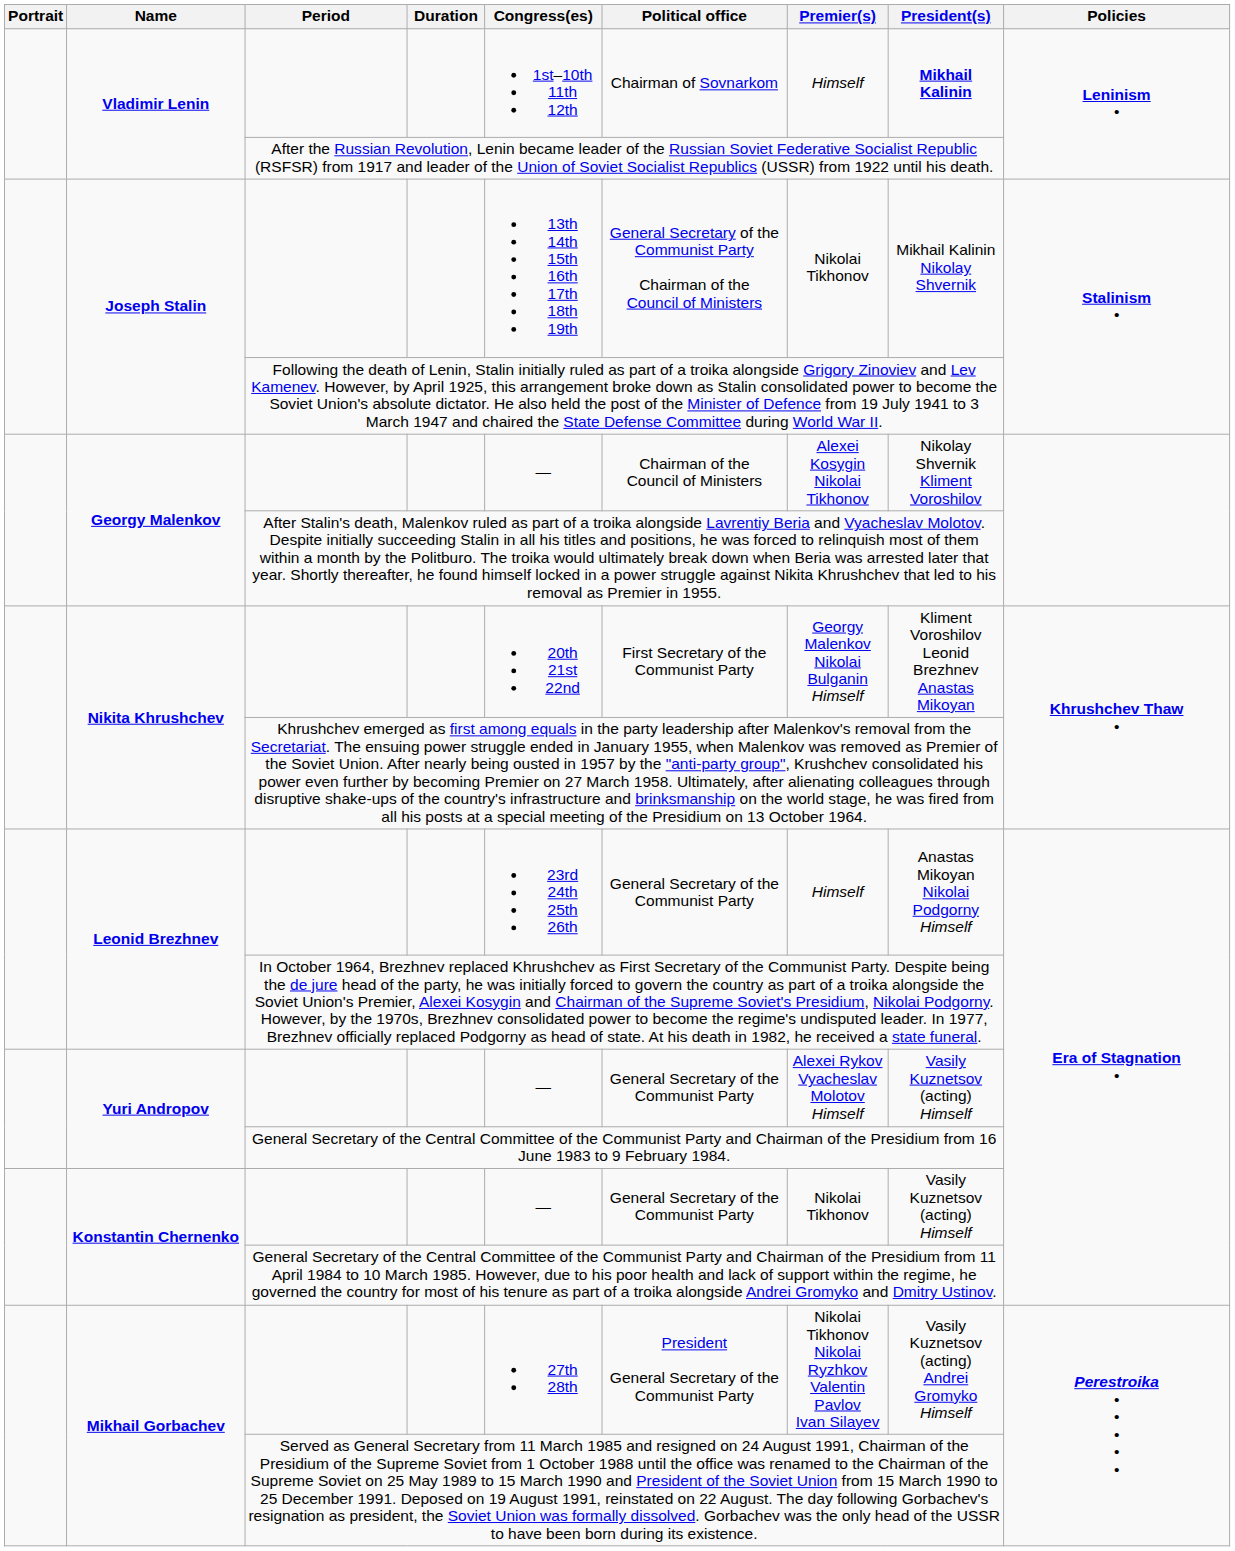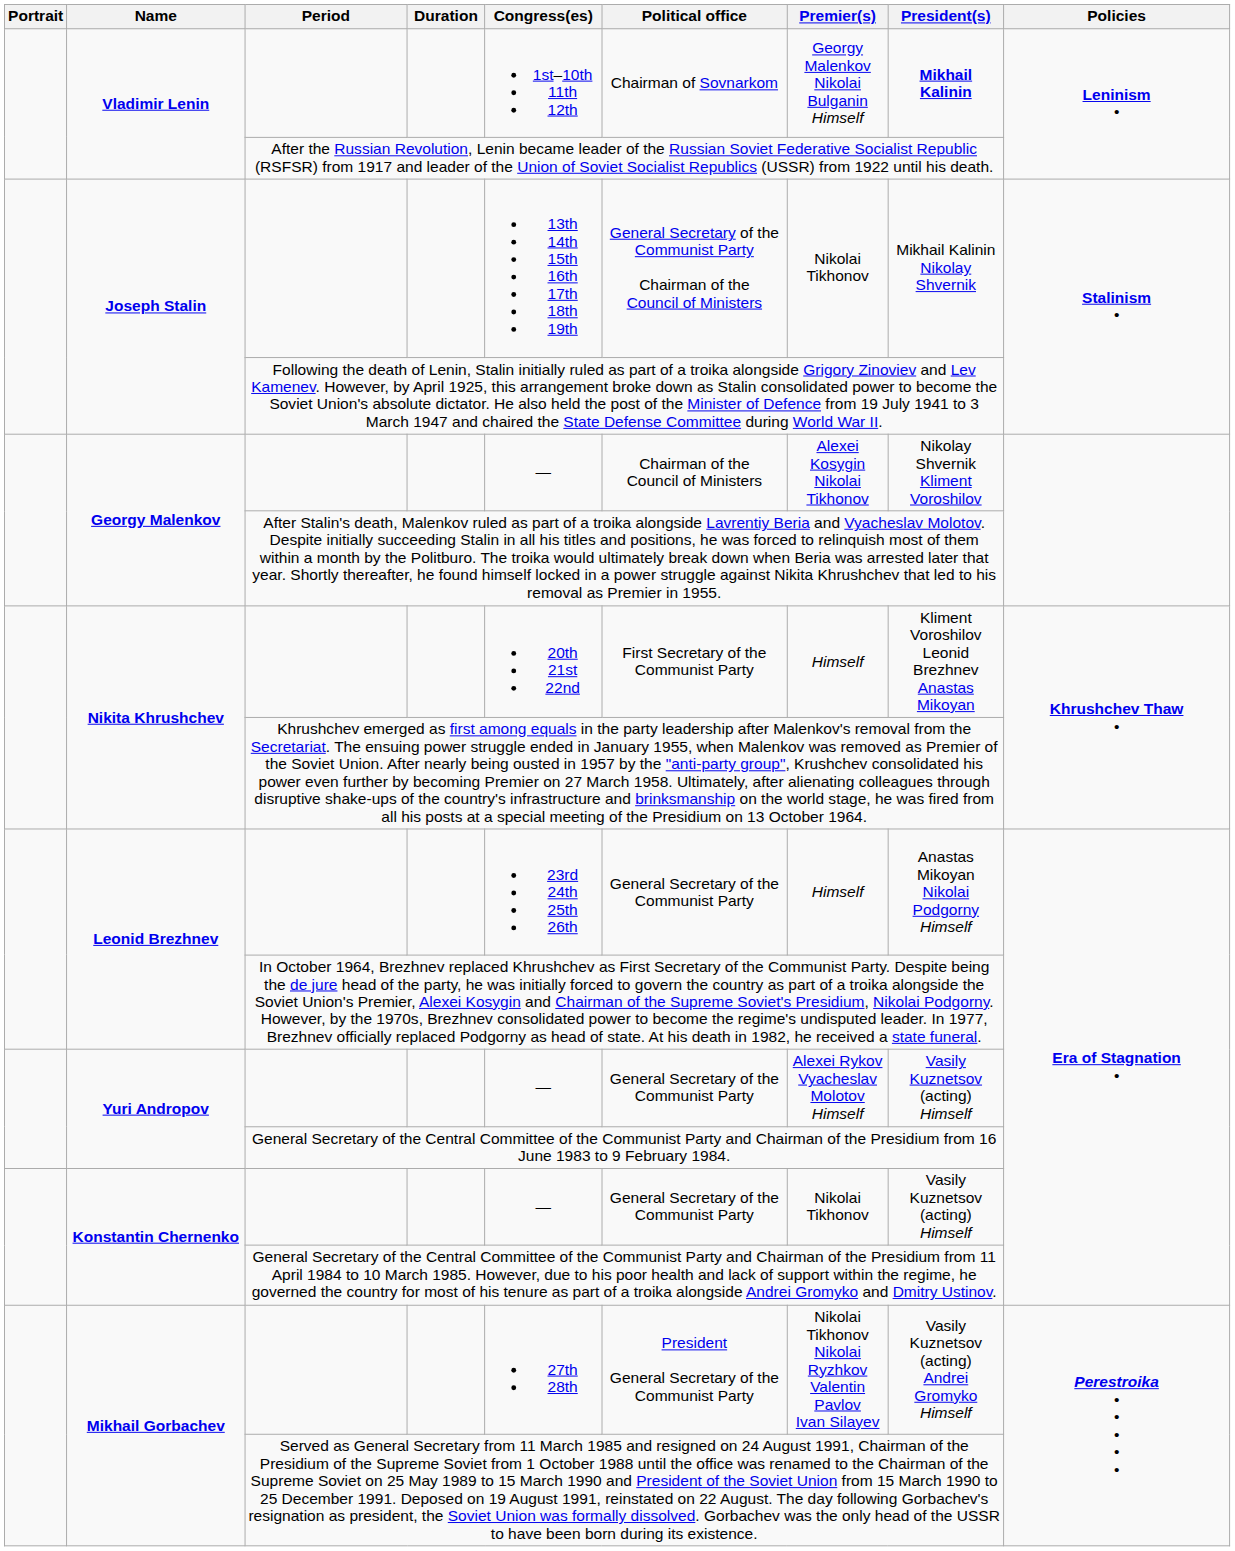 <table class="wikitable" style="text-align:center; width:100%;">
 <tr>
 <th scope="col">Portrait</th>
 <th scope="col" style="width:11em;">Name<br></th>
 <th scope="col" style="width:10em;">Period</th>
 <th>Duration</th>
 <th scope="col">Congress(es)</th>
 <th scope="col" style="width:11.5em;">Political office</th>
 <th><a href='#'>Premier(s)</a></th>
 <th><a href='#'>President(s)</a></th>
 <th scope="col" style="width:14.1em;">Policies</th>
 </tr>
 <tr>
 <td rowspan="2"></td>
 <td rowspan="2"><strong><a href='#'>Vladimir Lenin</a></strong><br></td>
 <td></td>
 <td></td>
 <td><br><ul><li><a href='#'>1st</a>–<a href='#'>10th</a></li><li><a href='#'>11th</a></li><li><a href='#'>12th</a></li></ul></td>
 <td>Chairman of <a href='#'>Sovnarkom</a></td>
-<td><em>Himself</em></td>
+<td><a href='#'>Georgy Malenkov</a><br><a href='#'>Nikolai Bulganin</a><br><em>Himself</em></td>
 <td><strong><a href='#'>Mikhail Kalinin</a></strong></td>
 <td rowspan="2"><strong><a href='#'>Leninism</a></strong><br>• </td>
 </tr>
 <tr>
 <td colspan="6">After the <a href='#'>Russian Revolution</a>, Lenin became leader of the <a href='#'>Russian Soviet Federative Socialist Republic</a> (RSFSR) from 1917 and leader of the <a href='#'>Union of Soviet Socialist Republics</a> (USSR) from 1922 until his death.</td>
 </tr>
 <tr>
 <td rowspan="2"></td>
 <td rowspan="2"><strong><a href='#'>Joseph Stalin</a></strong><br></td>
 <td></td>
 <td></td>
 <td><br><ul><li><a href='#'>13th</a></li><li><a href='#'>14th</a></li><li><a href='#'>15th</a></li><li><a href='#'>16th</a></li><li><a href='#'>17th</a></li><li><a href='#'>18th</a></li><li><a href='#'>19th</a></li></ul></td>
 <td><a href='#'>General Secretary</a> of the <a href='#'>Communist Party</a><br><br>Chairman of the<br><a href='#'>Council of Ministers</a><br></td>
 <td>Nikolai Tikhonov</td>
 <td>Mikhail Kalinin<br><a href='#'>Nikolay Shvernik</a></td>
 <td rowspan="2"><strong><a href='#'>Stalinism</a></strong><br>• </td>
 </tr>
 <tr>
 <td colspan="6">Following the death of Lenin, Stalin initially ruled as part of a troika alongside <a href='#'>Grigory Zinoviev</a> and <a href='#'>Lev Kamenev</a>. However, by April 1925, this arrangement broke down as Stalin consolidated power to become the Soviet Union's absolute dictator. He also held the post of the <a href='#'>Minister of Defence</a> from 19 July 1941 to 3 March 1947 and chaired the <a href='#'>State Defense Committee</a> during <a href='#'>World War II</a>.</td>
 </tr>
 <tr>
 <td rowspan="2"></td>
 <td rowspan="2"><strong><a href='#'>Georgy Malenkov</a></strong><br></td>
 <td></td>
 <td></td>
 <td>—</td>
 <td>Chairman of the<br>Council of Ministers</td>
 <td><a href='#'>Alexei Kosygin</a><br><a href='#'>Nikolai Tikhonov</a></td>
 <td>Nikolay Shvernik<br><a href='#'>Kliment Voroshilov</a></td>
 <td rowspan="2"></td>
 </tr>
 <tr>
 <td colspan="6">After Stalin's death, Malenkov ruled as part of a troika alongside <a href='#'>Lavrentiy Beria</a> and <a href='#'>Vyacheslav Molotov</a>. Despite initially succeeding Stalin in all his titles and positions, he was forced to relinquish most of them within a month by the Politburo. The troika would ultimately break down when Beria was arrested later that year. Shortly thereafter, he found himself locked in a power struggle against Nikita Khrushchev that led to his removal as Premier in 1955.</td>
 </tr>
 <tr>
 <td rowspan="2"></td>
 <td rowspan="2"><strong><a href='#'>Nikita Khrushchev</a></strong><br></td>
 <td></td>
 <td></td>
 <td><br><ul><li><a href='#'>20th</a></li><li><a href='#'>21st</a></li><li><a href='#'>22nd</a></li></ul></td>
 <td>First Secretary of the<br>Communist Party</td>
-<td><a href='#'>Georgy Malenkov</a><br><a href='#'>Nikolai Bulganin</a><br><em>Himself</em></td>
+<td><em>Himself</em></td>
 <td>Kliment Voroshilov<br>Leonid Brezhnev<br><a href='#'>Anastas Mikoyan</a></td>
 <td rowspan="2"><strong><a href='#'>Khrushchev Thaw</a></strong><br>• </td>
 </tr>
 <tr>
 <td colspan="6">Khrushchev emerged as <a href='#'>first among equals</a> in the party leadership after Malenkov's removal from the <a href='#'>Secretariat</a>. The ensuing power struggle ended in January 1955, when Malenkov was removed as Premier of the Soviet Union. After nearly being ousted in 1957 by the <a href='#'>"anti-party group"</a>, Krushchev consolidated his power even further by becoming Premier on 27 March 1958. Ultimately, after alienating colleagues through disruptive shake-ups of the country's infrastructure and <a href='#'>brinksmanship</a> on the world stage, he was fired from all his posts at a special meeting of the Presidium on 13 October 1964.</td>
 </tr>
 <tr>
 <td rowspan="2"></td>
 <td rowspan="2"><strong><a href='#'>Leonid Brezhnev</a></strong><br></td>
 <td></td>
 <td></td>
 <td><br><ul><li><a href='#'>23rd</a></li><li><a href='#'>24th</a></li><li><a href='#'>25th</a></li><li><a href='#'>26th</a></li></ul></td>
 <td>General Secretary of the Communist Party</td>
 <td><em>Himself</em></td>
 <td>Anastas Mikoyan<br><a href='#'>Nikolai Podgorny</a><br><em>Himself</em></td>
 <td rowspan="6"><strong><a href='#'>Era of Stagnation</a></strong><br>• </td>
 </tr>
 <tr>
 <td colspan="6">In October 1964, Brezhnev replaced Khrushchev as First Secretary of the Communist Party. Despite being the <a href='#'>de jure</a> head of the party, he was initially forced to govern the country as part of a troika alongside the Soviet Union's Premier, <a href='#'>Alexei Kosygin</a> and <a href='#'>Chairman of the Supreme Soviet's Presidium</a>, <a href='#'>Nikolai Podgorny</a>. However, by the 1970s, Brezhnev consolidated power to become the regime's undisputed leader. In 1977, Brezhnev officially replaced Podgorny as head of state. At his death in 1982, he received a <a href='#'>state funeral</a>.</td>
 </tr>
 <tr>
 <td rowspan="2"></td>
 <td rowspan="2"><strong><a href='#'>Yuri Andropov</a></strong><br></td>
 <td></td>
 <td></td>
 <td>—</td>
 <td>General Secretary of the Communist Party</td>
 <td><a href='#'>Alexei Rykov</a><br><a href='#'>Vyacheslav Molotov</a><br><em>Himself</em></td>
 <td><a href='#'>Vasily Kuznetsov</a> (acting)<br><em>Himself</em></td>
 </tr>
 <tr>
 <td colspan="6">General Secretary of the Central Committee of the Communist Party and Chairman of the Presidium from 16 June 1983 to 9 February 1984.</td>
 </tr>
 <tr>
 <td rowspan="2"></td>
 <td rowspan="2"><strong><a href='#'>Konstantin Chernenko</a></strong><br></td>
 <td></td>
 <td></td>
 <td>—</td>
 <td>General Secretary of the Communist Party</td>
 <td>Nikolai Tikhonov</td>
 <td>Vasily Kuznetsov (acting)<br><em>Himself</em></td>
 </tr>
 <tr>
 <td colspan="6">General Secretary of the Central Committee of the Communist Party and Chairman of the Presidium from 11 April 1984 to 10 March 1985. However, due to his poor health and lack of support within the regime, he governed the country for most of his tenure as part of a troika alongside <a href='#'>Andrei Gromyko</a> and <a href='#'>Dmitry Ustinov</a>.</td>
 </tr>
 <tr>
 <td rowspan="2"></td>
 <td rowspan="2"><strong><a href='#'>Mikhail Gorbachev</a></strong><br></td>
 <td></td>
 <td></td>
 <td><br><ul><li><a href='#'>27th</a></li><li><a href='#'>28th</a></li></ul></td>
 <td><a href='#'>President</a><br><br>General Secretary of the Communist Party</td>
 <td>Nikolai Tikhonov<br><a href='#'>Nikolai Ryzhkov</a><br><a href='#'>Valentin Pavlov</a><br><a href='#'>Ivan Silayev</a></td>
 <td>Vasily Kuznetsov (acting)<br><a href='#'>Andrei Gromyko</a><br><em>Himself</em></td>
 <td rowspan="2"><strong><em><a href='#'>Perestroika</a></em></strong><br>• <br>• <br>• <br>• <br>• </td>
 </tr>
 <tr>
 <td colspan="6">Served as General Secretary from 11 March 1985 and resigned on 24 August 1991, Chairman of the Presidium of the Supreme Soviet from 1 October 1988 until the office was renamed to the Chairman of the Supreme Soviet on 25 May 1989 to 15 March 1990 and <a href='#'>President of the Soviet Union</a> from 15 March 1990 to 25 December 1991. Deposed on 19 August 1991, reinstated on 22 August. The day following Gorbachev's resignation as president, the <a href='#'>Soviet Union was formally dissolved</a>. Gorbachev was the only head of the USSR to have been born during its existence.</td>
 </tr>
 </table>
